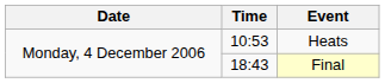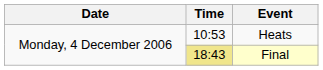 <table class = "wikitable" style="text-align:center;">
 <tr>
 <th width=220>Date</th>
 <th width=50>Time</th>
 <th width=100>Event</th>
 </tr>
 <tr>
 <td rowspan=2>Monday, 4 December 2006</td>
 <td>10:53</td>
 <td>Heats</td>
 </tr>
 <tr>
-<td>18:43</td>
+<td style="background: khaki;">18:43</td>
 <td bgcolor=ffffcc>Final</td>
 </tr>
 </table>
